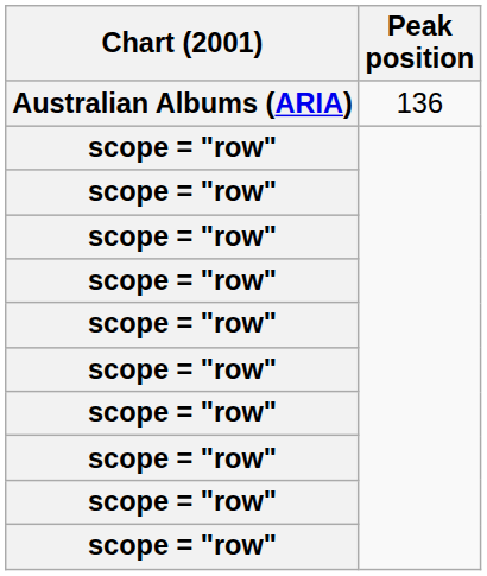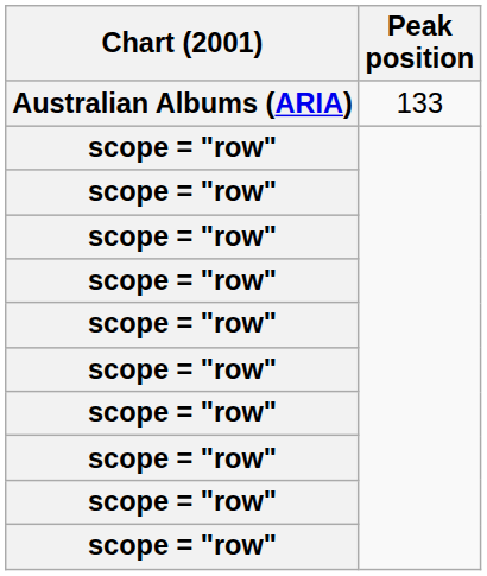 <table class="wikitable sortable plainrowheaders" style="text-align:center;">
 <tr>
 <th>Chart (2001)</th>
 <th>Peak<br>position</th>
 </tr>
 <tr>
 <th scope = "row">Australian Albums (<a href='#'>ARIA</a>)</th>
-<td align="center">136</td>
+<td align="center">133</td>
 </tr>
 <tr>
 <th>scope = "row" </th>
 </tr>
 <tr>
 <th>scope = "row" </th>
 </tr>
 <tr>
 <th>scope = "row" </th>
 </tr>
 <tr>
 <th>scope = "row" </th>
 </tr>
 <tr>
 <th>scope = "row" </th>
 </tr>
 <tr>
 <th>scope = "row" </th>
 </tr>
 <tr>
 <th>scope = "row" </th>
 </tr>
 <tr>
 <th>scope = "row" </th>
 </tr>
 <tr>
 <th>scope = "row" </th>
 </tr>
 <tr>
 <th>scope = "row" </th>
 </tr>
 </table>
